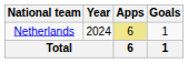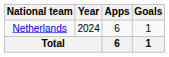 <table class="wikitable" style="text-align: center;">
 <tr>
 <th>National team</th>
 <th>Year</th>
 <th>Apps</th>
 <th>Goals</th>
 </tr>
 <tr>
 <td><a href='#'>Netherlands</a></td>
 <td>2024</td>
-<td style="background: khaki;">6</td>
+<td>6</td>
 <td>1</td>
 </tr>
 <tr>
 <th colspan="2">Total</th>
 <th>6</th>
 <th>1</th>
 </tr>
 </table>
